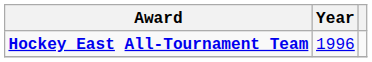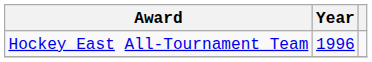 <table class="wikitable">
 <tr>
 <th>Award</th>
 <th>Year</th>
 <th></th>
 </tr>
 <tr>
-<td><strong><a href='#'>Hockey East</a> <a href='#'>All-Tournament Team</a></strong></td>
+<td><a href='#'>Hockey East</a> <a href='#'>All-Tournament Team</a></td>
 <td><a href='#'>1996</a></td>
 <td></td>
 </tr>
 <tr>
 </tr>
 </table>
